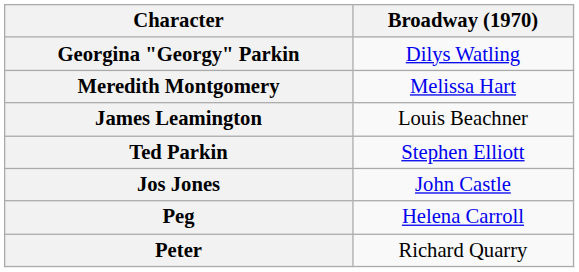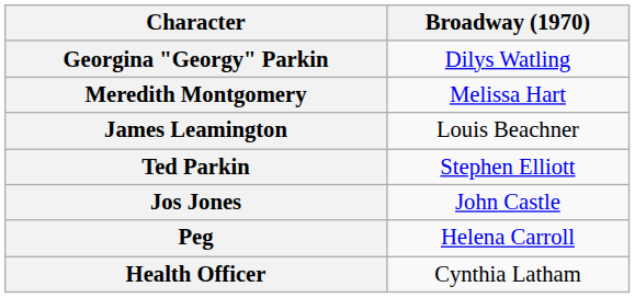 <table class="wikitable" style="width:50%; text-align:center">
 <tr>
 <th scope="col">Character</th>
 <th>Broadway (1970)</th>
 </tr>
 <tr>
 <th>Georgina "Georgy" Parkin</th>
 <td colspan="1"><a href='#'>Dilys Watling</a></td>
 </tr>
 <tr>
 <th>Meredith Montgomery</th>
 <td colspan="1”"><a href='#'>Melissa Hart</a></td>
 </tr>
 <tr>
 <th>James Leamington</th>
 <td colspan="1">Louis Beachner</td>
 </tr>
 <tr>
 <th>Ted Parkin</th>
 <td colspan="1”"><a href='#'>Stephen Elliott</a></td>
 </tr>
 <tr>
 <th>Jos Jones</th>
 <td colspan="1"><a href='#'>John Castle</a></td>
 </tr>
 <tr>
 <th>Peg</th>
 <td colspan="1"><a href='#'>Helena Carroll</a></td>
 </tr>
 <tr>
-<th>Peter</th>
-<td colspan="1">Richard Quarry</td>
+<th>Health Officer</th>
+<td colspan="1">Cynthia Latham</td>
 </tr>
 </table>
